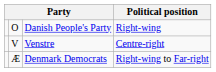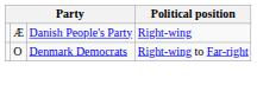 <table class="wikitable">
 <tr>
 <th colspan="3">Party</th>
 <th>Political position</th>
 </tr>
 <tr>
 <td></td>
-<td>O</td>
+<td>Æ</td>
 <td><a href='#'>Danish People's Party</a></td>
 <td><a href='#'>Right-wing</a></td>
 </tr>
 <tr>
 <td></td>
-<td>V</td>
-<td><a href='#'>Venstre</a></td>
-<td><a href='#'>Centre-right</a></td>
-</tr>
-<tr>
-<td></td>
-<td>Æ</td>
+<td>O</td>
 <td><a href='#'>Denmark Democrats</a></td>
 <td><a href='#'>Right-wing</a> to  <a href='#'>Far-right</a></td>
 </tr>
 </table>
